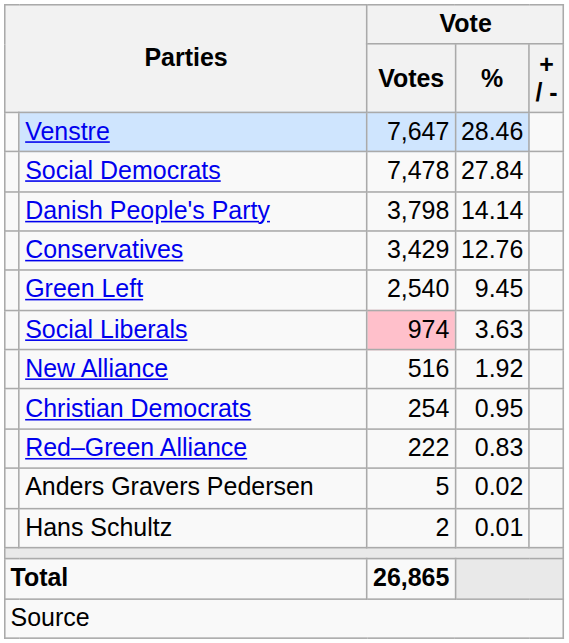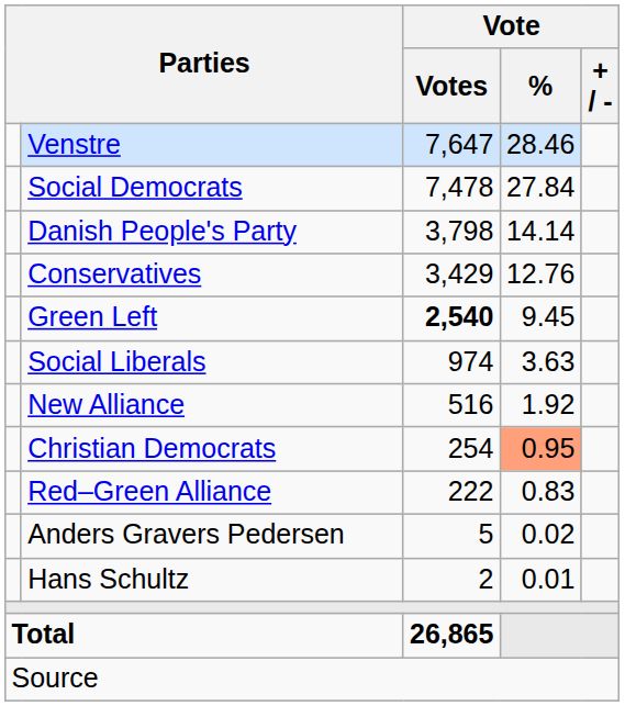 <table class="wikitable" style="text-align:right;">
 <tr>
 <th style="text-align:centre;" rowspan="2" colspan="2" width="225">Parties</th>
 <th colspan="3">Vote</th>
 </tr>
 <tr>
 <th width="15">Votes</th>
 <th width="15">%</th>
 <th width="15">+ / -</th>
 </tr>
 <tr>
 <td width="2" style="color:inherit;background:"></td>
 <td bgcolor=#cfe5fe  align="left"><a href='#'>Venstre</a></td>
 <td bgcolor=#cfe5fe>7,647</td>
 <td bgcolor=#cfe5fe>28.46</td>
 <td></td>
 </tr>
 <tr>
 <td width="2" style="color:inherit;background:"></td>
 <td align="left"><a href='#'>Social Democrats</a></td>
 <td>7,478</td>
 <td>27.84</td>
 <td></td>
 </tr>
 <tr>
 <td width="2" style="color:inherit;background:"></td>
 <td align="left"><a href='#'>Danish People's Party</a></td>
 <td>3,798</td>
 <td>14.14</td>
 <td></td>
 </tr>
 <tr>
 <td width="2" style="color:inherit;background:"></td>
 <td align="left"><a href='#'>Conservatives</a></td>
 <td>3,429</td>
 <td>12.76</td>
 <td></td>
 </tr>
 <tr>
 <td width="2" style="color:inherit;background:"></td>
 <td align="left"><a href='#'>Green Left</a></td>
-<td>2,540</td>
+<td><strong>2,540</strong></td>
 <td>9.45</td>
 <td></td>
 </tr>
 <tr>
 <td width="2" style="color:inherit;background:"></td>
 <td align="left"><a href='#'>Social Liberals</a></td>
-<td style="background: pink;">974</td>
+<td>974</td>
 <td>3.63</td>
 <td></td>
 </tr>
 <tr>
 <td width="2" style="color:inherit;background:"></td>
 <td align="left"><a href='#'>New Alliance</a></td>
 <td>516</td>
 <td>1.92</td>
 <td></td>
 </tr>
 <tr>
 <td width="2" style="color:inherit;background:"></td>
 <td align="left"><a href='#'>Christian Democrats</a></td>
 <td>254</td>
-<td>0.95</td>
+<td style="background: lightsalmon;">0.95</td>
 <td></td>
 </tr>
 <tr>
 <td width="2" style="color:inherit;background:"></td>
 <td align="left"><a href='#'>Red–Green Alliance</a></td>
 <td>222</td>
 <td>0.83</td>
 <td></td>
 </tr>
 <tr>
 <td width="2" style="color:inherit;background:"></td>
 <td align="left">Anders Gravers Pedersen</td>
 <td>5</td>
 <td>0.02</td>
 <td></td>
 </tr>
 <tr>
 <td width="2" style="color:inherit;background:"></td>
 <td align="left">Hans Schultz</td>
 <td>2</td>
 <td>0.01</td>
 <td></td>
 </tr>
 <tr>
 <td colspan="7" bgcolor="#E9E9E9"></td>
 </tr>
 <tr>
 <td align="left" colspan="2"><strong>Total</strong></td>
 <td><strong>26,865</strong></td>
 <td bgcolor="#E9E9E9" colspan="2"></td>
 </tr>
 <tr>
 <td align="left" colspan="6">Source</td>
 </tr>
 </table>
